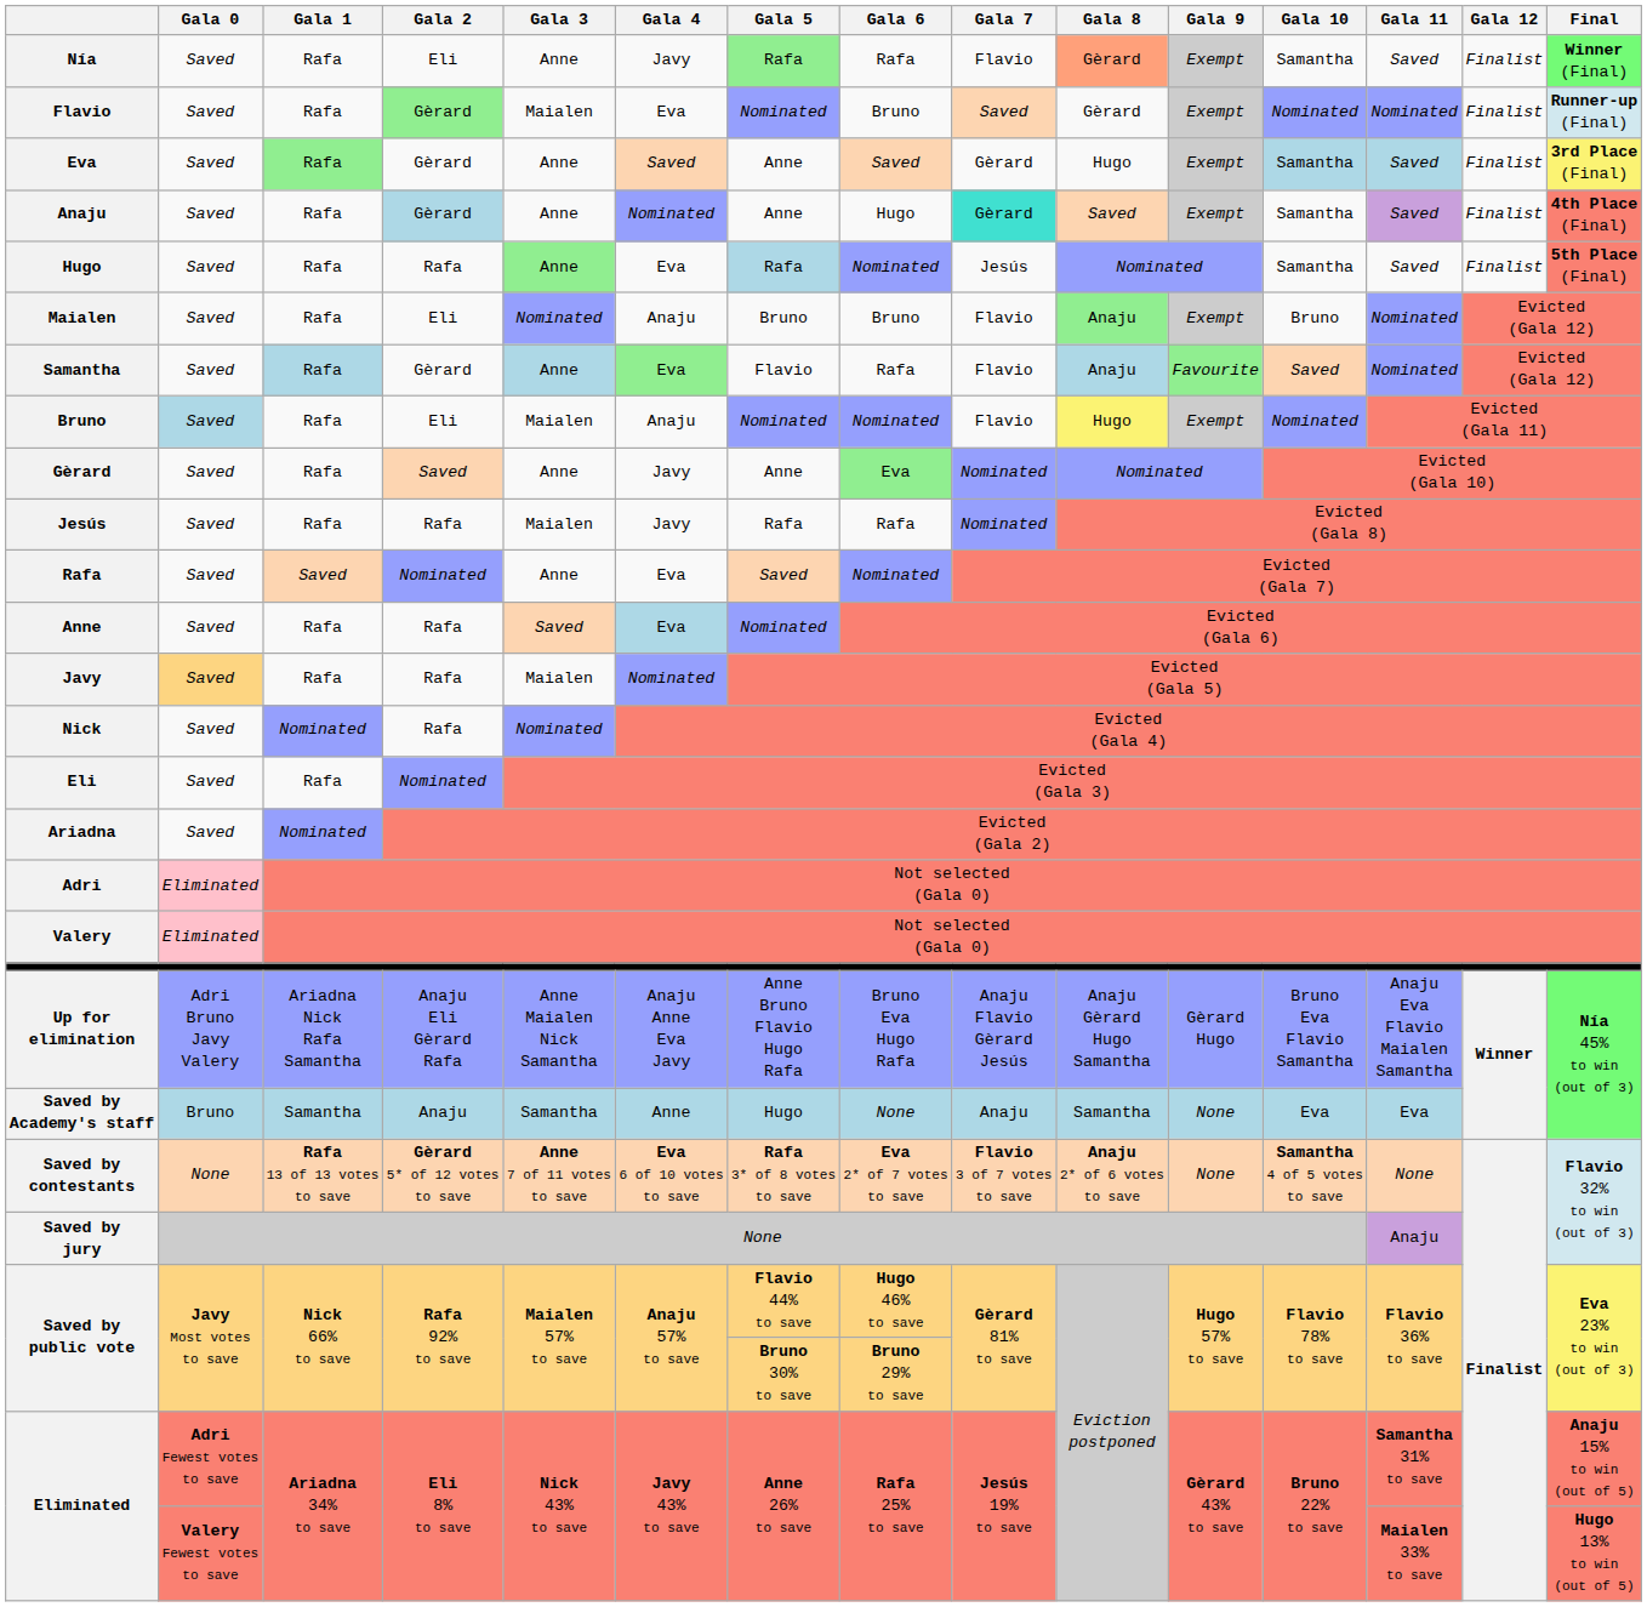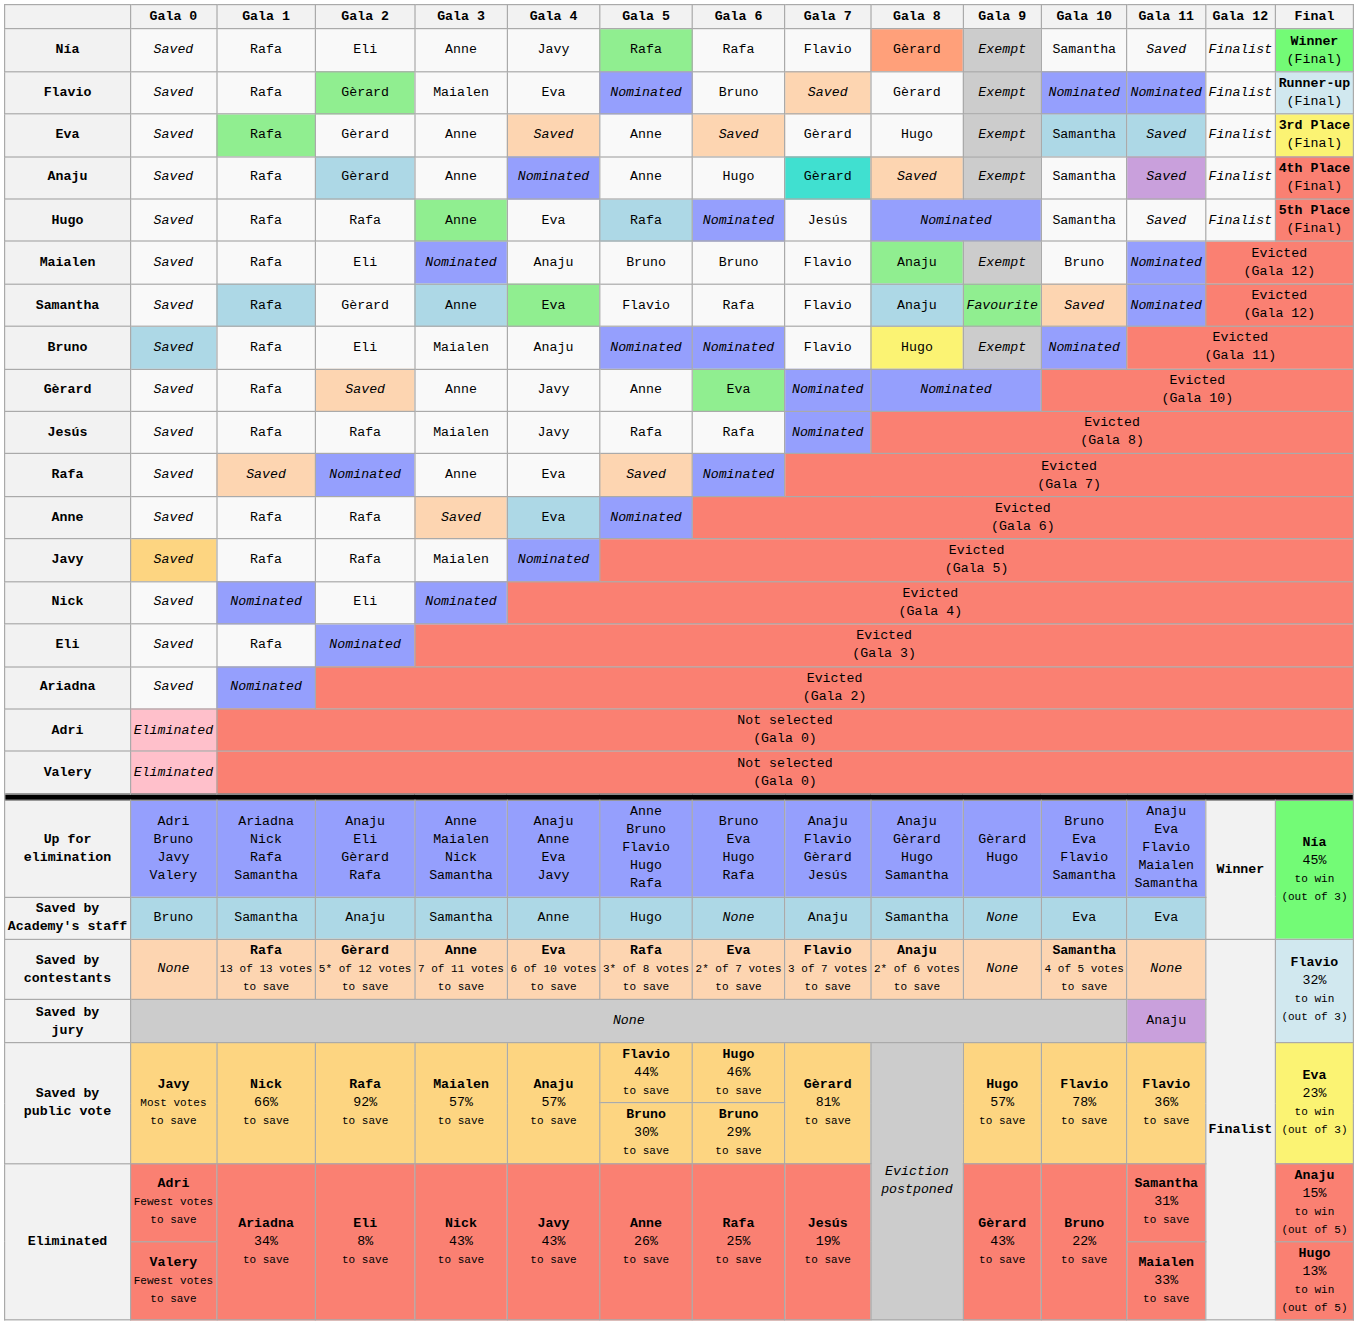 <table class="wikitable" style="text-align:center; font-size:85%; line-height:15px;">
 <tr>
 <th scope="col"></th>
 <th scope="col">Gala 0</th>
 <th scope="col">Gala 1</th>
 <th scope="col">Gala 2</th>
 <th scope="col">Gala 3</th>
 <th scope="col">Gala 4</th>
 <th scope="col">Gala 5</th>
 <th scope="col">Gala 6</th>
 <th scope="col">Gala 7</th>
 <th scope="col">Gala 8</th>
 <th scope="col">Gala 9 </th>
 <th scope="col">Gala 10</th>
 <th scope="col">Gala 11</th>
 <th scope="col">Gala 12</th>
 <th scope="col">Final</th>
 </tr>
 <tr>
 <th scope="row">Nía</th>
 <td><em>Saved</em></td>
 <td>Rafa</td>
 <td>Eli</td>
 <td>Anne</td>
 <td>Javy</td>
 <td bgcolor="lightgreen">Rafa</td>
 <td>Rafa</td>
 <td>Flavio</td>
 <td style="background: lightsalmon;">Gèrard</td>
 <td style="background:#CCCCCC;"><em>Exempt</em></td>
 <td>Samantha</td>
 <td><em>Saved</em></td>
 <td><em>Finalist</em></td>
 <td style="background: rgb(115, 251, 118);"><strong>Winner</strong><br>(Final)</td>
 </tr>
 <tr>
 <th scope="row">Flavio</th>
 <td><em>Saved</em></td>
 <td>Rafa</td>
 <td bgcolor="lightgreen">Gèrard</td>
 <td>Maialen</td>
 <td>Eva</td>
 <td style="background-color: rgb(149, 159, 253);"><em>Nominated</em></td>
 <td>Bruno</td>
 <td style="background: rgb(253, 213, 177);"><em>Saved</em></td>
 <td>Gèrard</td>
 <td style="background:#CCCCCC;"><em>Exempt</em></td>
 <td style="background-color: rgb(149, 159, 253);"><em>Nominated</em></td>
 <td style="background-color: rgb(149, 159, 253);"><em>Nominated</em></td>
 <td><em>Finalist</em></td>
 <td style="background-color: rgb(209, 232, 239);"><strong>Runner-up</strong><br>(Final)</td>
 </tr>
 <tr>
 <th scope="row">Eva</th>
 <td><em>Saved</em></td>
 <td bgcolor="lightgreen">Rafa</td>
 <td>Gèrard</td>
 <td>Anne</td>
 <td style="background: rgb(253, 213, 177);"><em>Saved</em></td>
 <td>Anne</td>
 <td style="background: rgb(253, 213, 177);"><em>Saved</em></td>
 <td>Gèrard</td>
 <td>Hugo</td>
 <td style="background:#CCCCCC;"><em>Exempt</em></td>
 <td bgcolor="lightblue">Samantha</td>
 <td bgcolor="lightblue"><em>Saved</em></td>
 <td><em>Finalist</em></td>
 <td style="background-color: rgb(251, 243, 115);"><strong>3rd Place</strong><br>(Final)</td>
 </tr>
 <tr>
 <th scope="row">Anaju</th>
 <td><em>Saved</em></td>
 <td>Rafa</td>
 <td style="background: lightblue;">Gèrard</td>
 <td>Anne</td>
 <td style="background-color: rgb(149, 159, 253);"><em>Nominated</em></td>
 <td>Anne</td>
 <td>Hugo</td>
 <td style="background: #40E0D0;">Gèrard</td>
 <td style="background: rgb(253, 213, 177);"><em>Saved</em></td>
 <td style="background:#CCCCCC;"><em>Exempt</em></td>
 <td>Samantha</td>
 <td style="background-color: #C9A0DC;);"><em>Saved</em></td>
 <td><em>Finalist</em></td>
 <td style="background: salmon;"><strong>4th Place</strong><br>(Final)</td>
 </tr>
 <tr>
 <th scope="row">Hugo</th>
 <td><em>Saved</em></td>
 <td>Rafa</td>
 <td>Rafa</td>
 <td bgcolor="lightgreen">Anne</td>
 <td>Eva</td>
 <td style="background: lightblue;">Rafa</td>
 <td style="background-color: rgb(149, 159, 253);"><em>Nominated</em></td>
 <td>Jesús</td>
 <td colspan="2" style="background-color: rgb(149, 159, 253);"><em>Nominated</em></td>
 <td>Samantha</td>
 <td><em>Saved</em></td>
 <td><em>Finalist</em></td>
 <td style="background: salmon;"><strong>5th Place</strong><br>(Final)</td>
 </tr>
 <tr>
 <th scope="row">Maialen</th>
 <td><em>Saved</em></td>
 <td>Rafa</td>
 <td>Eli</td>
 <td style="background-color: rgb(149, 159, 253);"><em>Nominated</em></td>
 <td>Anaju</td>
 <td>Bruno</td>
 <td>Bruno</td>
 <td>Flavio</td>
 <td bgcolor="lightgreen">Anaju</td>
 <td style="background:#CCCCCC;"><em>Exempt</em></td>
 <td>Bruno</td>
 <td style="background-color: rgb(149, 159, 253);"><em>Nominated</em></td>
 <td colspan="3" style="background: salmon;">Evicted<br>(Gala 12)</td>
 </tr>
 <tr>
 <th scope="row">Samantha</th>
 <td><em>Saved</em></td>
 <td bgcolor="lightblue">Rafa</td>
 <td>Gèrard</td>
 <td bgcolor="lightblue">Anne</td>
 <td bgcolor="lightgreen">Eva</td>
 <td>Flavio</td>
 <td>Rafa</td>
 <td>Flavio</td>
 <td bgcolor="lightblue">Anaju</td>
 <td bgcolor="lightgreen"><em>Favourite</em></td>
 <td style="background: rgb(253, 213, 177);"><em>Saved</em></td>
 <td style="background-color: rgb(149, 159, 253);"><em>Nominated</em></td>
 <td colspan="3" style="background: salmon;">Evicted<br>(Gala 12)</td>
 </tr>
 <tr>
 <th scope="row">Bruno</th>
 <td style="background: lightblue;"><em>Saved</em></td>
 <td>Rafa</td>
 <td>Eli</td>
 <td>Maialen</td>
 <td>Anaju</td>
 <td style="background-color: rgb(149, 159, 253);"><em>Nominated</em></td>
 <td style="background-color: rgb(149, 159, 253);"><em>Nominated</em></td>
 <td>Flavio</td>
 <td style="background:#FBF373">Hugo</td>
 <td style="background:#CCCCCC;"><em>Exempt</em></td>
 <td style="background-color: rgb(149, 159, 253);"><em>Nominated</em></td>
 <td colspan="4" style="background: salmon;">Evicted<br>(Gala 11)</td>
 </tr>
 <tr>
 <th scope="row">Gèrard</th>
 <td><em>Saved</em></td>
 <td>Rafa</td>
 <td style="background: rgb(253, 213, 177);"><em>Saved</em></td>
 <td>Anne</td>
 <td>Javy</td>
 <td>Anne</td>
 <td bgcolor="lightgreen">Eva</td>
 <td style="background-color: rgb(149, 159, 253);"><em>Nominated</em></td>
 <td colspan="2" style="background-color: rgb(149, 159, 253);"><em>Nominated</em></td>
 <td colspan="5" style="background: salmon;">Evicted<br>(Gala 10)</td>
 </tr>
 <tr>
 <th scope="row">Jesús</th>
 <td><em>Saved</em></td>
 <td>Rafa</td>
 <td>Rafa</td>
 <td>Maialen</td>
 <td>Javy</td>
 <td>Rafa</td>
 <td>Rafa</td>
 <td style="background-color: rgb(149, 159, 253);"><em>Nominated</em></td>
 <td colspan="7" style="background: salmon;">Evicted<br>(Gala 8)</td>
 </tr>
 <tr>
 <th scope="row">Rafa</th>
 <td><em>Saved</em></td>
 <td style="background: rgb(253, 213, 177);"><em>Saved</em></td>
 <td style="background-color: rgb(149, 159, 253);"><em>Nominated</em></td>
 <td>Anne</td>
 <td>Eva</td>
 <td style="background: rgb(253, 213, 177);"><em>Saved</em></td>
 <td style="background-color: rgb(149, 159, 253);"><em>Nominated</em></td>
 <td colspan="8" style="background: salmon;">Evicted<br>(Gala 7)</td>
 </tr>
 <tr>
 <th scope="row">Anne</th>
 <td><em>Saved</em></td>
 <td>Rafa</td>
 <td>Rafa</td>
 <td style="background: rgb(253, 213, 177);"><em>Saved</em></td>
 <td style="background: lightblue;">Eva</td>
 <td style="background-color: rgb(149, 159, 253);"><em>Nominated</em></td>
 <td colspan="9" style="background: salmon;">Evicted<br>(Gala 6)</td>
 </tr>
 <tr>
 <th scope="row">Javy</th>
 <td style="background: rgb(253, 213, 129);"><em>Saved</em></td>
 <td>Rafa</td>
 <td>Rafa</td>
 <td>Maialen</td>
 <td style="background-color: rgb(149, 159, 253);"><em>Nominated</em></td>
 <td colspan="10" style="background: salmon;">Evicted<br>(Gala 5)</td>
 </tr>
 <tr>
 <th scope="row">Nick</th>
 <td><em>Saved</em></td>
 <td style="background-color: rgb(149, 159, 253);"><em>Nominated</em></td>
-<td>Rafa</td>
+<td>Eli</td>
 <td style="background-color: rgb(149, 159, 253);"><em>Nominated</em></td>
 <td colspan="11" style="background: salmon;">Evicted<br>(Gala 4)</td>
 </tr>
 <tr>
 <th scope="row">Eli</th>
 <td><em>Saved</em></td>
 <td>Rafa</td>
 <td style="background-color: rgb(149, 159, 253);"><em>Nominated</em></td>
 <td colspan="12" style="background: salmon;">Evicted<br>(Gala 3)</td>
 </tr>
 <tr>
 <th scope="row">Ariadna</th>
 <td><em>Saved</em></td>
 <td style="background-color: rgb(149, 159, 253);"><em>Nominated</em></td>
 <td colspan="13" style="background: salmon;">Evicted<br>(Gala 2)</td>
 </tr>
 <tr>
 <th scope="row">Adri</th>
 <td style="background: pink;"><em>Eliminated</em></td>
 <td colspan="13" style="background: salmon;">Not selected<br>(Gala 0)</td>
 </tr>
 <tr>
 <th scope="row">Valery</th>
 <td style="background: pink;"><em>Eliminated</em></td>
 <td colspan="13" style="background: salmon;">Not selected<br>(Gala 0)</td>
 </tr>
 <tr>
 <th colspan="15" style="background-color: black;"></th>
 </tr>
 <tr>
 <th scope="row">Up for<br>elimination</th>
 <td style="background: rgb(149, 159, 253);">Adri<br>Bruno<br>Javy<br>Valery</td>
 <td style="background: rgb(149, 159, 253);">Ariadna<br>Nick<br>Rafa<br>Samantha</td>
 <td style="background: rgb(149, 159, 253);">Anaju<br>Eli<br>Gèrard<br>Rafa</td>
 <td style="background: rgb(149, 159, 253);">Anne<br>Maialen<br>Nick<br>Samantha</td>
 <td style="background: rgb(149, 159, 253);">Anaju<br>Anne<br>Eva<br>Javy</td>
 <td style="background: rgb(149, 159, 253);">Anne<br>Bruno<br>Flavio<br>Hugo<br>Rafa</td>
 <td style="background: rgb(149, 159, 253);">Bruno<br>Eva<br>Hugo<br>Rafa</td>
 <td style="background: rgb(149, 159, 253);">Anaju<br>Flavio<br>Gèrard<br>Jesús</td>
 <td style="background: rgb(149, 159, 253);">Anaju<br>Gèrard<br>Hugo<br>Samantha</td>
 <td style="background: rgb(149, 159, 253);">Gèrard<br>Hugo</td>
 <td style="background: rgb(149, 159, 253);">Bruno<br>Eva<br>Flavio<br>Samantha</td>
 <td style="background: rgb(149, 159, 253);">Anaju<br>Eva<br>Flavio<br>Maialen<br>Samantha</td>
 <th rowspan="2">Winner</th>
 <td rowspan="2" style="background: rgb(115, 251, 118);"><strong>Nía</strong><br>45%<small><br>to win<br>(out of 3)</small></td>
 </tr>
 <tr>
 <th scope="row">Saved by<br>Academy's staff</th>
 <td style="background-color: lightblue;">Bruno</td>
 <td style="background-color: lightblue;">Samantha</td>
 <td style="background-color: lightblue;">Anaju</td>
 <td style="background-color: lightblue;">Samantha</td>
 <td style="background-color: lightblue;">Anne</td>
 <td style="background-color: lightblue;">Hugo</td>
 <td style="background-color: lightblue;"><em>None</em></td>
 <td style="background-color: lightblue;">Anaju</td>
 <td style="background-color: lightblue;">Samantha</td>
 <td style="background-color: lightblue;"><em>None</em></td>
 <td style="background-color: lightblue;">Eva</td>
 <td style="background-color: lightblue;">Eva</td>
 </tr>
 <tr>
 <th scope="row">Saved by<br>contestants</th>
 <td style="background-color: rgb(253, 213, 177);"><em>None</em></td>
 <td style="background-color: rgb(253, 213, 177);"><strong>Rafa</strong><br><small>13 of 13 votes<br>to save</small></td>
 <td style="background-color: rgb(253, 213, 177);"><strong>Gèrard</strong><br><small>5* of 12 votes<br>to save</small></td>
 <td style="background-color: rgb(253, 213, 177);"><strong>Anne</strong><br><small>7 of 11 votes<br>to save</small></td>
 <td style="background-color: rgb(253, 213, 177);"><strong>Eva</strong><br><small>6 of 10 votes<br>to save</small></td>
 <td style="background-color: rgb(253, 213, 177);"><strong>Rafa</strong><br><small>3* of 8 votes<br>to save</small></td>
 <td style="background-color: rgb(253, 213, 177);"><strong>Eva</strong><br><small>2* of 7 votes<br>to save</small></td>
 <td style="background-color: rgb(253, 213, 177);"><strong>Flavio</strong><br><small>3 of 7 votes<br>to save</small></td>
 <td style="background-color: rgb(253, 213, 177);"><strong>Anaju</strong><br><small>2* of 6 votes<br>to save</small></td>
 <td style="background-color: rgb(253, 213, 177);"><em>None</em></td>
 <td style="background-color: rgb(253, 213, 177);"><strong>Samantha</strong><br><small>4 of 5 votes<br>to save</small></td>
 <td style="background-color: rgb(253, 213, 177);"><em>None</em></td>
 <th rowspan="6">Finalist</th>
 <td rowspan="2" style="background-color: rgb(209, 232, 239);"><strong>Flavio</strong><br>32%<small><br>to win<br>(out of 3)</small></td>
 </tr>
 <tr>
 <th scope="row">Saved by<br>jury</th>
 <td colspan="11" style="background-color: #CCCCCC;"><em>None</em></td>
 <td style="background-color: #C9A0DC;;">Anaju</td>
 </tr>
 <tr>
 <th scope="row" rowspan="2">Saved by<br>public vote</th>
 <td rowspan="2" style="background-color: rgb(253, 213, 129);"><strong>Javy</strong><br><small>Most votes<br>to save</small></td>
 <td rowspan="2" style="background-color: rgb(253, 213, 129);"><strong>Nick</strong><br>66%<small><br>to save</small></td>
 <td rowspan="2" style="background-color: rgb(253, 213, 129);"><strong>Rafa</strong><br>92%<small><br>to save</small></td>
 <td rowspan="2" style="background-color: rgb(253, 213, 129);"><strong>Maialen</strong><br>57%<small><br>to save</small></td>
 <td rowspan="2" style="background-color: rgb(253, 213, 129);"><strong>Anaju</strong><br>57%<small><br>to save</small></td>
 <td style="background-color: rgb(253, 213, 129);"><strong>Flavio</strong><br>44%<small><br>to save</small></td>
 <td style="background-color: rgb(253, 213, 129);"><strong>Hugo</strong><br>46%<small><br>to save</small></td>
 <td rowspan="2" style="background-color: rgb(253, 213, 129);"><strong>Gèrard</strong><br>81%<small><br>to save</small></td>
 <td style="background:#ccc" rowspan="4"><em>Eviction<br>postponed</em></td>
 <td rowspan="2" style="background-color: rgb(253, 213, 129);"><strong>Hugo</strong><br>57%<small><br>to save</small></td>
 <td rowspan="2" style="background-color: rgb(253, 213, 129);"><strong>Flavio</strong><br>78%<small><br>to save</small></td>
 <td rowspan="2" style="background-color: rgb(253, 213, 129);"><strong>Flavio</strong><br>36%<small><br>to save</small></td>
 <td rowspan="2" style="background-color: rgb(251, 243, 115);"><strong>Eva</strong><br>23%<small><br>to win<br>(out of 3)</small></td>
 </tr>
 <tr>
 <td style="background-color: rgb(253, 213, 129);"><strong>Bruno</strong><br>30%<small><br>to save</small></td>
 <td style="background-color: rgb(253, 213, 129);"><strong>Bruno</strong><br>29%<small><br>to save</small></td>
 </tr>
 <tr>
 <th scope="row" rowspan=2>Eliminated</th>
 <td style="background:salmon;"><strong>Adri</strong><br><small>Fewest votes<br>to save</small></td>
 <td rowspan=2 style="background:salmon;"><strong>Ariadna</strong><br>34%<small><br>to save</small></td>
 <td rowspan=2 style="background:salmon;"><strong>Eli</strong><br>8%<small><br>to save</small></td>
 <td rowspan=2 style="background:salmon;"><strong>Nick</strong><br>43%<small><br>to save</small></td>
 <td rowspan=2 style="background:salmon;"><strong>Javy</strong><br>43%<small><br>to save</small></td>
 <td rowspan=2 style="background:salmon;"><strong>Anne</strong><br>26%<small><br>to save</small></td>
 <td rowspan=2 style="background:salmon;"><strong>Rafa</strong><br>25%<small><br>to save</small></td>
 <td rowspan=2 style="background:salmon;"><strong>Jesús</strong><br>19%<small><br>to save</small></td>
 <td rowspan=2 style="background:salmon;"><strong>Gèrard</strong><br>43%<small><br>to save</small></td>
 <td rowspan=2 style="background:salmon;"><strong>Bruno</strong><br>22%<small><br>to save</small></td>
 <td style="background:salmon;"><strong>Samantha</strong><br>31%<small><br>to save</small></td>
 <td style="background: salmon;"><strong>Anaju</strong><br>15%<small><br>to win<br>(out of 5)</small></td>
 </tr>
 <tr>
 <td style="background:salmon;"><strong>Valery</strong><br><small>Fewest votes<br>to save</small></td>
 <td style="background:salmon;"><strong>Maialen</strong><br>33%<small><br>to save</small></td>
 <td style="background-color: salmon;"><strong>Hugo</strong><br>13%<small><br>to win<br>(out of 5)</small></td>
 </tr>
 </table>
